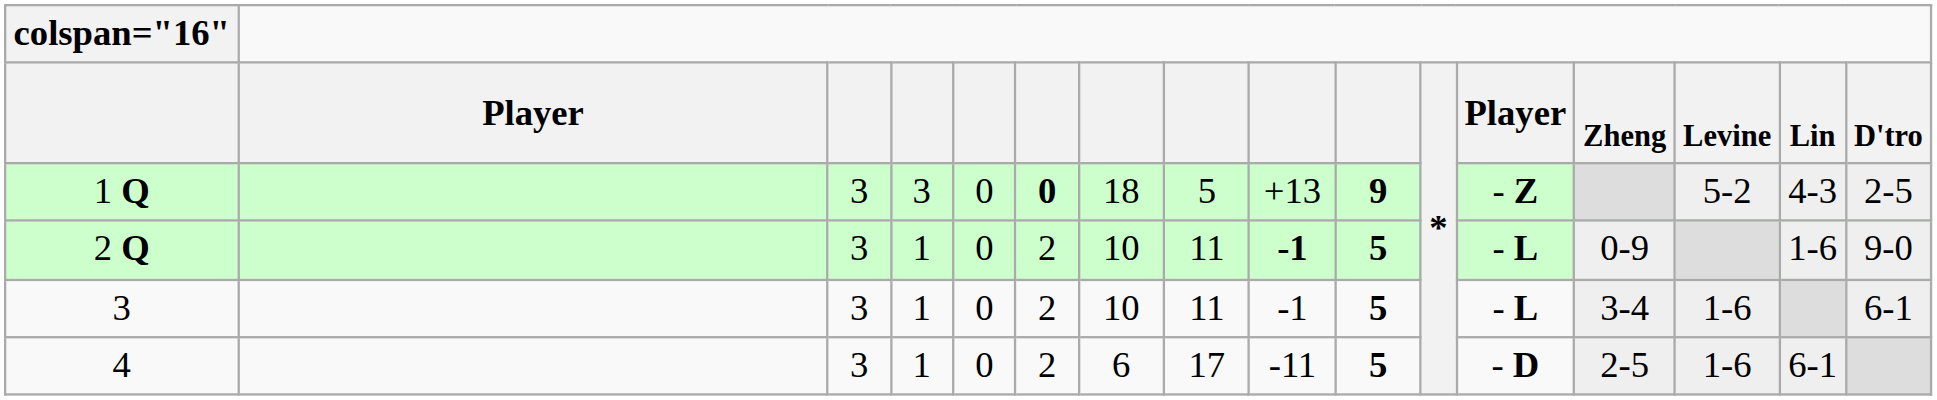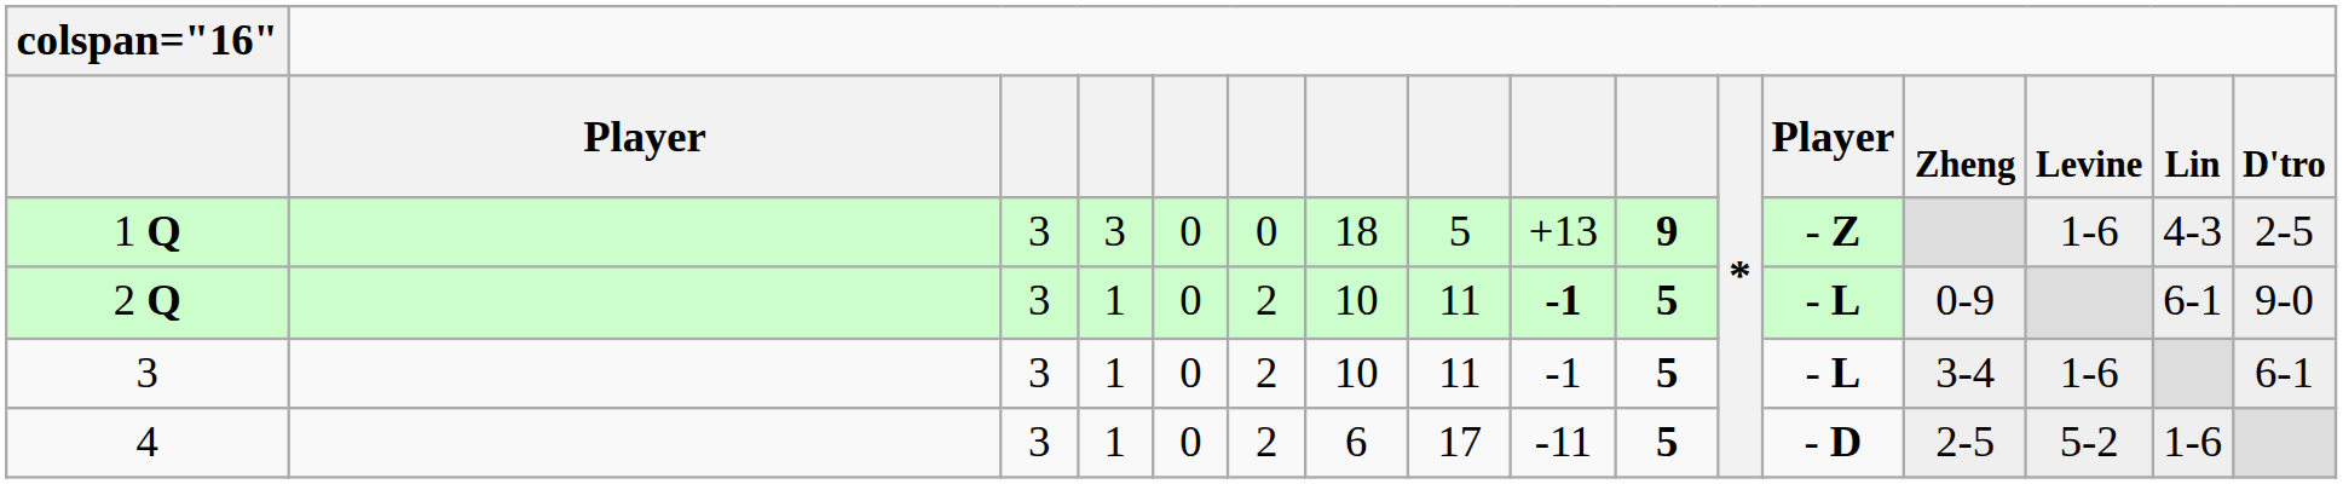 <table class=wikitable style=text-align:center>
 <tr>
 <th>colspan="16" </th>
 </tr>
 <tr>
 <th width=20 abbr=Position></th>
 <th width=250>Player</th>
 <th width=20 abbr=Played></th>
 <th width=20 abbr=Won></th>
 <th width=20 abbr=Drawn></th>
 <th width=20 abbr=Lost></th>
 <th width=30 abbr=Points for></th>
 <th width=30 abbr=Points against></th>
 <th width=30 abbr=Points difference></th>
 <th width=30 abbr=Points></th>
 <th rowspan="5" abbr=H2H> *</th>
 <th>Player</th>
 <th><br><small>Zheng</small></th>
 <th><br><small>Levine</small></th>
 <th><br><small>Lin</small></th>
 <th><br><small>D'tro</small></th>
 </tr>
 <tr bgcolor=#CCFFCC>
 <td>1 <strong>Q</strong></td>
 <td align=left><strong></strong></td>
 <td>3</td>
 <td>3</td>
 <td>0</td>
-<td><strong>0</strong></td>
+<td>0</td>
 <td>18</td>
 <td>5</td>
 <td>+13</td>
 <td><strong>9</strong></td>
 <td> - <strong>Z</strong></td>
 <td bgcolor="#dddddd"> </td>
-<td bgcolor="#efefef">5-2</td>
+<td bgcolor="#efefef">1-6</td>
 <td bgcolor="#efefef">4-3</td>
 <td bgcolor="#efefef">2-5</td>
 </tr>
 <tr bgcolor=#CCFFCC>
 <td>2 <strong>Q</strong> </td>
 <td align=left><strong></strong></td>
 <td>3</td>
 <td>1</td>
 <td>0</td>
 <td>2</td>
 <td>10</td>
 <td>11</td>
 <td><strong>-1</strong></td>
 <td><strong>5</strong></td>
 <td> - <strong>L</strong></td>
 <td bgcolor="#efefef">0-9</td>
 <td bgcolor="#dddddd"> </td>
-<td bgcolor="#efefef">1-6</td>
+<td bgcolor="#efefef">6-1</td>
 <td bgcolor="#efefef">9-0</td>
 </tr>
 <tr>
 <td>3 </td>
 <td align=left><strong></strong></td>
 <td>3</td>
 <td>1</td>
 <td>0</td>
 <td>2</td>
 <td>10</td>
 <td>11</td>
 <td>-1</td>
 <td><strong>5</strong></td>
 <td> - <strong>L</strong></td>
 <td bgcolor="#efefef">3-4</td>
 <td bgcolor="#efefef">1-6</td>
 <td bgcolor="#dddddd"> </td>
 <td bgcolor="#efefef">6-1</td>
 </tr>
 <tr>
 <td>4 </td>
 <td align=left><strong></strong></td>
 <td>3</td>
 <td>1</td>
 <td>0</td>
 <td>2</td>
 <td>6</td>
 <td>17</td>
 <td>-11</td>
 <td><strong>5</strong></td>
 <td> - <strong>D</strong></td>
 <td bgcolor="#efefef">2-5</td>
+<td bgcolor="#efefef">5-2</td>
 <td bgcolor="#efefef">1-6</td>
-<td bgcolor="#efefef">6-1</td>
 <td bgcolor="#dddddd"> </td>
 </tr>
 </table>
